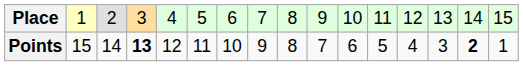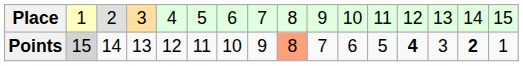 <table class="wikitable" style="text-align:center">
 <tr>
 <th>Place</th>
 <td width="20" bgcolor="#ffffbf">1</td>
 <td width="20" bgcolor="#dfdfdf">2</td>
 <td width="20" bgcolor="#ffdf9f">3</td>
 <td width="20" bgcolor="#dfffdf">4</td>
 <td width="20" bgcolor="#dfffdf">5</td>
 <td width="20" bgcolor="#dfffdf">6</td>
 <td width="20" bgcolor="#dfffdf">7</td>
 <td width="20" bgcolor="#dfffdf">8</td>
 <td width="20" bgcolor="#dfffdf">9</td>
 <td width="20" bgcolor="#dfffdf">10</td>
 <td width="20" bgcolor="#dfffdf">11</td>
 <td width="20" bgcolor="#dfffdf">12</td>
 <td width="20" bgcolor="#dfffdf">13</td>
 <td width="20" bgcolor="#dfffdf">14</td>
 <td width="20" bgcolor="#dfffdf">15</td>
 </tr>
 <tr>
 <th>Points</th>
-<td>15</td>
+<td style="background: lightgrey;">15</td>
 <td>14</td>
-<td><strong>13</strong></td>
+<td>13</td>
 <td>12</td>
 <td>11</td>
 <td>10</td>
 <td>9</td>
-<td>8</td>
+<td style="background: lightsalmon;">8</td>
 <td>7</td>
 <td>6</td>
 <td>5</td>
-<td>4</td>
+<td><strong>4</strong></td>
 <td>3</td>
 <td><strong>2</strong></td>
 <td>1</td>
 </tr>
 </table>
